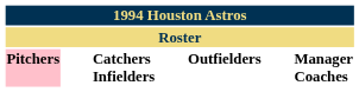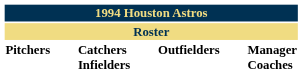 <table class="toccolours" style="font-size: 95%;">
 <tr>
 <th colspan="10" style="background:#003153; color:#F0DC82; text-align:center;">1994 Houston Astros</th>
 </tr>
 <tr>
 <td colspan="10" style="background:#F0DC82; color:#003153; text-align:center;"><strong>Roster</strong></td>
 </tr>
 <tr>
-<td valign="top" style="background: pink;"><strong>Pitchers</strong><br>            </td>
+<td valign="top"><strong>Pitchers</strong><br>            </td>
 <td style="width:25px;"></td>
 <td valign="top"><strong>Catchers</strong><br>   <strong>Infielders</strong>         </td>
 <td style="width:25px;"></td>
 <td valign="top"><strong>Outfielders</strong><br>       </td>
 <td style="width:25px;"></td>
 <td valign="top"><strong>Manager</strong><br> <strong>Coaches</strong>     </td>
 </tr>
 </table>
